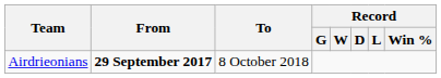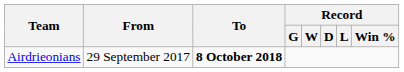 <table class=wikitable style=text-align:center>
 <tr>
 <th rowspan="2">Team</th>
 <th rowspan="2">From</th>
 <th rowspan="2">To</th>
 <th colspan="5">Record</th>
 </tr>
 <tr>
 <th>G</th>
 <th>W</th>
 <th>D</th>
 <th>L</th>
 <th>Win %</th>
 </tr>
 <tr>
 <td align=left><a href='#'>Airdrieonians</a></td>
-<td align=left><strong>29 September 2017</strong></td>
-<td align=left>8 October 2018<br></td>
+<td align=left>29 September 2017</td>
+<td align=left><strong>8 October 2018<br></strong></td>
 </tr>
 </table>
